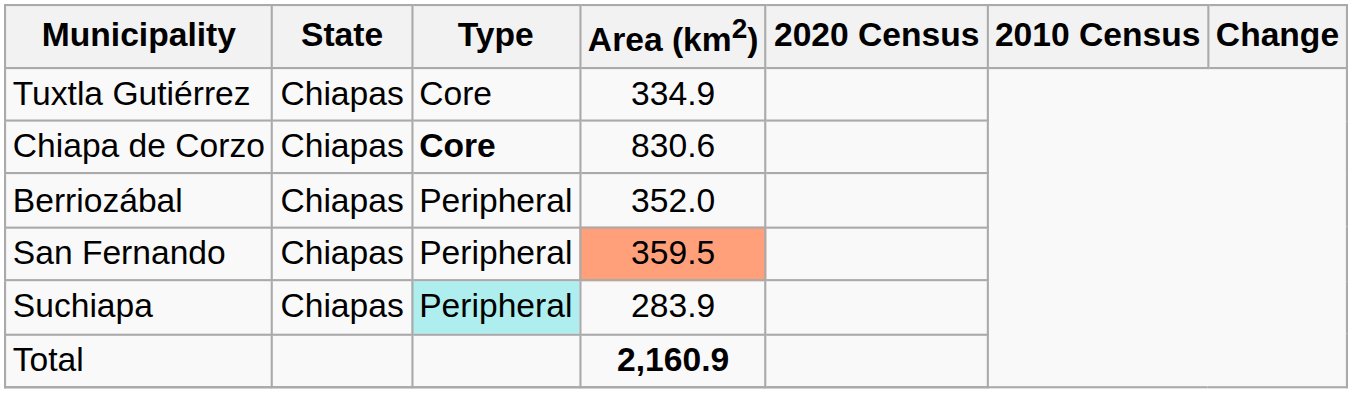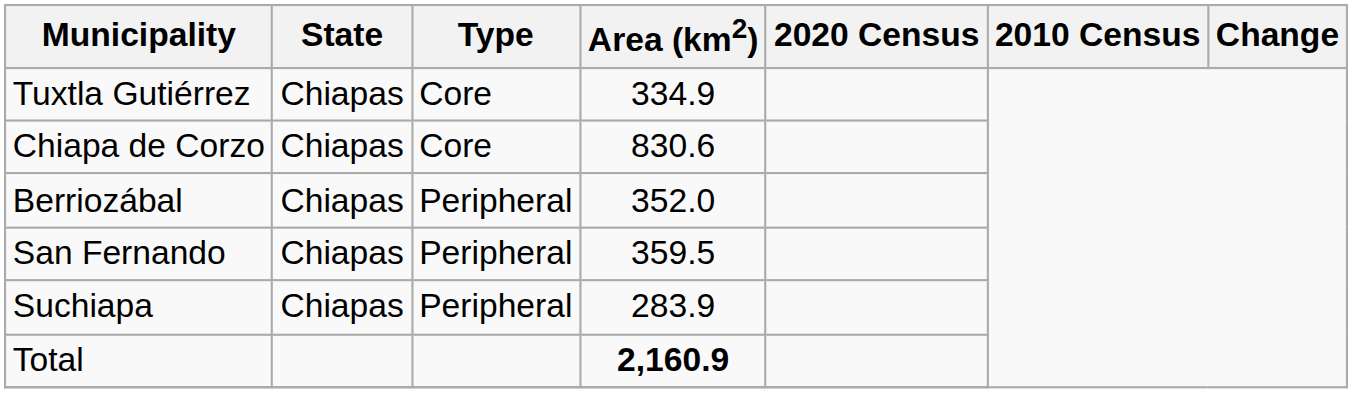 <table class="wikitable sortable">
 <tr>
 <th>Municipality</th>
 <th>State</th>
 <th>Type</th>
 <th>Area (km<sup>2</sup>)</th>
 <th>2020 Census</th>
 <th>2010 Census</th>
 <th>Change</th>
 </tr>
 <tr>
 <td align="left">Tuxtla Gutiérrez</td>
 <td align="left">Chiapas</td>
 <td align="left">Core</td>
 <td align="center">334.9</td>
 <td></td>
 </tr>
 <tr>
 <td align="left">Chiapa de Corzo</td>
 <td align="left">Chiapas</td>
-<td align="left"><strong>Core</strong></td>
+<td align="left">Core</td>
 <td align="center">830.6</td>
 <td></td>
 </tr>
 <tr>
 <td align="left">Berriozábal</td>
 <td align="left">Chiapas</td>
 <td align="left">Peripheral</td>
 <td align="center">352.0</td>
 <td></td>
 </tr>
 <tr>
 <td align="left">San Fernando</td>
 <td align="left">Chiapas</td>
 <td align="left">Peripheral</td>
-<td align="center" style="background: lightsalmon;">359.5</td>
+<td align="center">359.5</td>
 <td></td>
 </tr>
 <tr>
 <td align="left">Suchiapa</td>
 <td align="left">Chiapas</td>
-<td align="left" style="background: paleturquoise;">Peripheral</td>
+<td align="left">Peripheral</td>
 <td align="center">283.9</td>
 <td></td>
 </tr>
 <tr>
 <td align="left">Total</td>
 <td align="left"></td>
 <td align="left"></td>
 <td align="center"><strong>2,160.9</strong></td>
 <td></td>
 </tr>
 <tr>
 </tr>
 </table>
